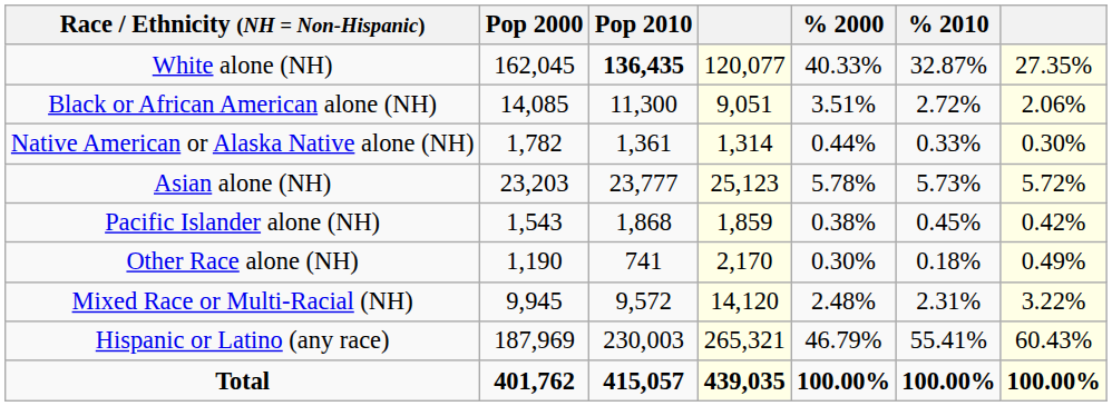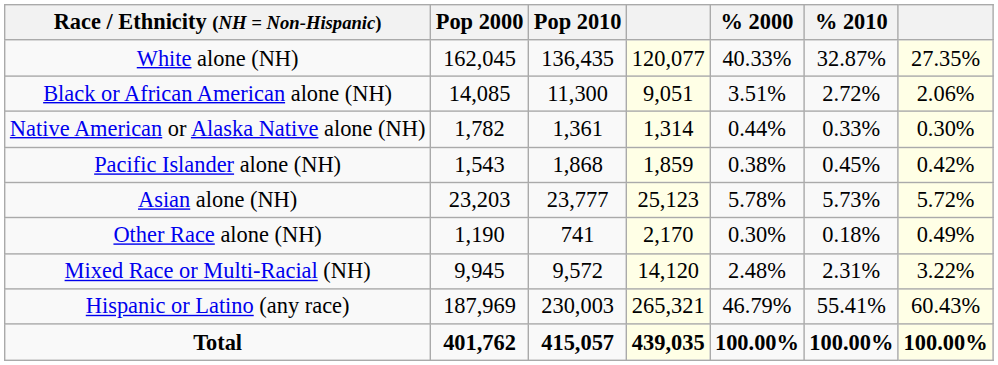 <table class="wikitable" style="text-align:center;">
 <tr>
 <th>Race / Ethnicity <small>(<em>NH = Non-Hispanic</em>)</small></th>
 <th>Pop 2000</th>
 <th>Pop 2010</th>
 <th></th>
 <th>% 2000</th>
 <th>% 2010</th>
 <th></th>
 </tr>
 <tr>
 <td><a href='#'>White</a> alone (NH)</td>
 <td>162,045</td>
-<td><strong>136,435</strong></td>
+<td>136,435</td>
 <td style='background: #ffffe6;'>120,077</td>
 <td>40.33%</td>
 <td>32.87%</td>
 <td style='background: #ffffe6;'>27.35%</td>
 </tr>
 <tr>
 <td><a href='#'>Black or African American</a> alone (NH)</td>
 <td>14,085</td>
 <td>11,300</td>
 <td style='background: #ffffe6;'>9,051</td>
 <td>3.51%</td>
 <td>2.72%</td>
 <td style='background: #ffffe6;'>2.06%</td>
 </tr>
 <tr>
 <td><a href='#'>Native American</a> or <a href='#'>Alaska Native</a> alone (NH)</td>
 <td>1,782</td>
 <td>1,361</td>
 <td style='background: #ffffe6;'>1,314</td>
 <td>0.44%</td>
 <td>0.33%</td>
 <td style='background: #ffffe6;'>0.30%</td>
 </tr>
 <tr>
+<td><a href='#'>Pacific Islander</a> alone (NH)</td>
+<td>1,543</td>
+<td>1,868</td>
+<td style='background: #ffffe6;'>1,859</td>
+<td>0.38%</td>
+<td>0.45%</td>
+<td style='background: #ffffe6;'>0.42%</td>
+</tr>
+<tr>
 <td><a href='#'>Asian</a> alone (NH)</td>
 <td>23,203</td>
 <td>23,777</td>
 <td style='background: #ffffe6;'>25,123</td>
 <td>5.78%</td>
 <td>5.73%</td>
 <td style='background: #ffffe6;'>5.72%</td>
-</tr>
-<tr>
-<td><a href='#'>Pacific Islander</a> alone (NH)</td>
-<td>1,543</td>
-<td>1,868</td>
-<td style='background: #ffffe6;'>1,859</td>
-<td>0.38%</td>
-<td>0.45%</td>
-<td style='background: #ffffe6;'>0.42%</td>
 </tr>
 <tr>
 <td><a href='#'>Other Race</a> alone (NH)</td>
 <td>1,190</td>
 <td>741</td>
 <td style='background: #ffffe6;'>2,170</td>
 <td>0.30%</td>
 <td>0.18%</td>
 <td style='background: #ffffe6;'>0.49%</td>
 </tr>
 <tr>
 <td><a href='#'>Mixed Race or Multi-Racial</a> (NH)</td>
 <td>9,945</td>
 <td>9,572</td>
 <td style='background: #ffffe6;'>14,120</td>
 <td>2.48%</td>
 <td>2.31%</td>
 <td style='background: #ffffe6;'>3.22%</td>
 </tr>
 <tr>
 <td><a href='#'>Hispanic or Latino</a> (any race)</td>
 <td>187,969</td>
 <td>230,003</td>
 <td style='background: #ffffe6;'>265,321</td>
 <td>46.79%</td>
 <td>55.41%</td>
 <td style='background: #ffffe6;'>60.43%</td>
 </tr>
 <tr>
 <td><strong>Total</strong></td>
 <td><strong>401,762</strong></td>
 <td><strong>415,057</strong></td>
 <td style='background: #ffffe6;'><strong>439,035</strong></td>
 <td><strong>100.00%</strong></td>
 <td><strong>100.00%</strong></td>
 <td style='background: #ffffe6;'><strong>100.00%</strong></td>
 </tr>
 </table>
